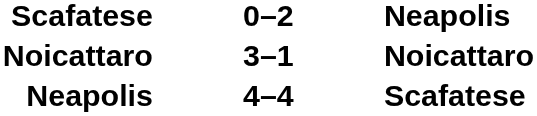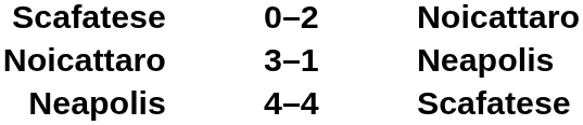 <table width="100%" cellspacing="1">
 <tr>
 <th width="20%"></th>
 <th width="12%"></th>
 <th width="20%"></th>
 <th></th>
 </tr>
 <tr style="font-size:90%;">
 <td align="right"><strong>Scafatese</strong></td>
 <td align="center"><strong>0–2</strong></td>
-<td align="left"><strong>Neapolis</strong></td>
+<td align="left"><strong>Noicattaro</strong></td>
 </tr>
 <tr style="font-size:90%;">
 <td align="right"><strong>Noicattaro</strong></td>
 <td align="center"><strong>3–1</strong></td>
-<td align="left"><strong>Noicattaro</strong></td>
+<td align="left"><strong>Neapolis</strong></td>
 </tr>
 <tr style="font-size:90%;">
 <td align="right"><strong>Neapolis</strong></td>
 <td align="center"><strong>4–4</strong></td>
 <td align="left"><strong>Scafatese</strong></td>
 </tr>
 </table>
